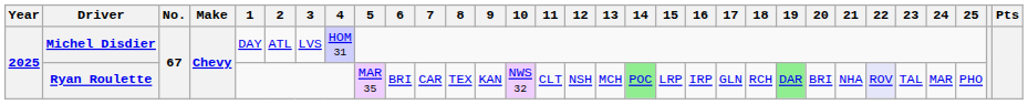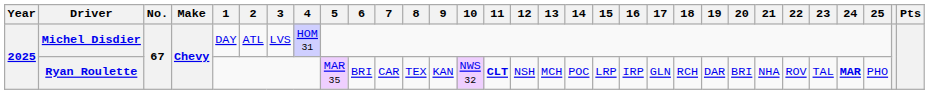 <table class="wikitable" style="text-align:center; font-size:75%">
 <tr>
 <th>Year</th>
 <th>Driver</th>
 <th>No.</th>
 <th>Make</th>
 <th>1</th>
 <th>2</th>
 <th>3</th>
 <th>4</th>
 <th>5</th>
 <th>6</th>
 <th>7</th>
 <th>8</th>
 <th>9</th>
 <th>10</th>
 <th>11</th>
 <th>12</th>
 <th>13</th>
 <th>14</th>
 <th>15</th>
 <th>16</th>
 <th>17</th>
 <th>18</th>
 <th>19</th>
 <th>20</th>
 <th>21</th>
 <th>22</th>
 <th>23</th>
 <th>24</th>
 <th>25</th>
 <th></th>
 <th>Pts</th>
 </tr>
 <tr>
 <th rowspan=2><a href='#'>2025</a></th>
 <th><a href='#'>Michel Disdier</a></th>
 <th rowspan=2>67</th>
 <th rowspan=2><a href='#'>Chevy</a></th>
 <td><a href='#'>DAY</a></td>
 <td><a href='#'>ATL</a></td>
 <td><a href='#'>LVS</a></td>
 <td style="background:#CFCFFF;"><a href='#'>HOM</a><br><small>31</small></td>
 <td colspan=21></td>
 <th rowspan=2></th>
 <th rowspan=2></th>
 </tr>
 <tr>
 <th><a href='#'>Ryan Roulette</a></th>
 <td colspan=4></td>
 <td style="background:#EFCFFF;"><a href='#'>MAR</a><br><small>35</small></td>
 <td><a href='#'>BRI</a></td>
 <td><a href='#'>CAR</a></td>
 <td><a href='#'>TEX</a></td>
 <td><a href='#'>KAN</a></td>
 <td style="background:#EFCFFF;"><a href='#'>NWS</a><br><small>32</small></td>
-<td><a href='#'>CLT</a></td>
+<td><strong><a href='#'>CLT</a></strong></td>
 <td><a href='#'>NSH</a></td>
 <td><a href='#'>MCH</a></td>
-<td style="background: lightgreen;"><a href='#'>POC</a></td>
+<td><a href='#'>POC</a></td>
 <td><a href='#'>LRP</a></td>
 <td><a href='#'>IRP</a></td>
 <td><a href='#'>GLN</a></td>
 <td><a href='#'>RCH</a></td>
-<td style="background: lightgreen;"><a href='#'>DAR</a></td>
+<td><a href='#'>DAR</a></td>
 <td><a href='#'>BRI</a></td>
 <td><a href='#'>NHA</a></td>
-<td style="background: lavender;"><a href='#'>ROV</a></td>
+<td><a href='#'>ROV</a></td>
 <td><a href='#'>TAL</a></td>
-<td><a href='#'>MAR</a></td>
+<td><strong><a href='#'>MAR</a></strong></td>
 <td><a href='#'>PHO</a></td>
 </tr>
 </table>
